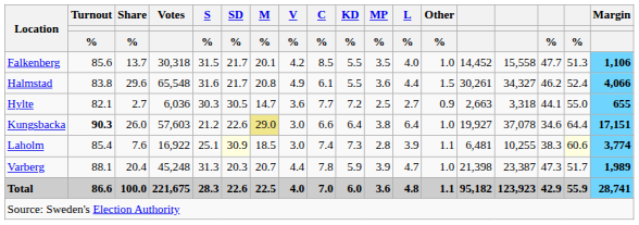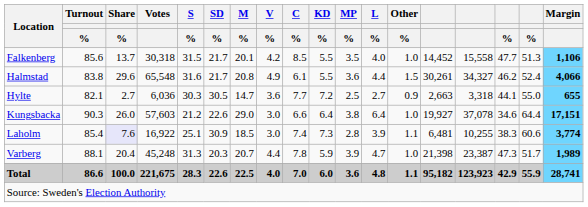 <table class="wikitable sortable" style="text-align:right; font-size:95%; line-height:20px;">
 <tr>
 <th rowspan="3">Location</th>
 <th>Turnout</th>
 <th>Share</th>
 <th>Votes</th>
 <th width="30px" class="unsortable"><a href='#'>S</a></th>
 <th width="30px" class="unsortable"><a href='#'>SD</a></th>
 <th width="30px" class="unsortable"><a href='#'>M</a></th>
 <th width="30px" class="unsortable"><a href='#'>V</a></th>
 <th width="30px" class="unsortable"><a href='#'>C</a></th>
 <th width="30px" class="unsortable"><a href='#'>KD</a></th>
 <th width="30px" class="unsortable"><a href='#'>MP</a></th>
 <th width="30px" class="unsortable"><a href='#'>L</a></th>
 <th width="30px" class="unsortable">Other</th>
 <th></th>
 <th></th>
 <th></th>
 <th></th>
 <th>Margin</th>
 </tr>
 <tr>
 <th></th>
 <th></th>
 <th></th>
 <th style="background:"></th>
 <th style="background:"></th>
 <th style="background:"></th>
 <th style="background:"></th>
 <th style="background:"></th>
 <th style="background:"></th>
 <th style="background:"></th>
 <th style="background:"></th>
 <th style="background:"></th>
 <th style="background:"></th>
 <th style="background:"></th>
 <th style="background:"></th>
 <th style="background:"></th>
 <th></th>
 </tr>
 <tr>
 <th data-sort-type="number">%</th>
 <th data-sort-type="number">%</th>
 <th></th>
 <th data-sort-type="number">%</th>
 <th data-sort-type="number">%</th>
 <th data-sort-type="number">%</th>
 <th data-sort-type="number">%</th>
 <th data-sort-type="number">%</th>
 <th data-sort-type="number">%</th>
 <th data-sort-type="number">%</th>
 <th data-sort-type="number">%</th>
 <th data-sort-type="number">%</th>
 <th data-sort-type="number"></th>
 <th data-sort-type="number"></th>
 <th data-sort-type="number">%</th>
 <th data-sort-type="number">%</th>
 <th data-sort-type="number"></th>
 </tr>
 <tr>
 <td align="left"><a href='#'>Falkenberg</a></td>
 <td>85.6</td>
 <td>13.7</td>
 <td>30,318</td>
 <td>31.5</td>
 <td>21.7</td>
 <td>20.1</td>
 <td>4.2</td>
 <td>8.5</td>
 <td>5.5</td>
 <td>3.5</td>
 <td>4.0</td>
 <td>1.0</td>
 <td>14,452</td>
 <td>15,558</td>
 <td>47.7</td>
 <td>51.3</td>
 <td bgcolor=#6fd5fe><strong>1,106</strong></td>
 </tr>
 <tr>
 <td align="left"><a href='#'>Halmstad</a></td>
 <td>83.8</td>
 <td>29.6</td>
 <td>65,548</td>
 <td>31.6</td>
 <td>21.7</td>
 <td>20.8</td>
 <td>4.9</td>
 <td>6.1</td>
 <td>5.5</td>
 <td>3.6</td>
 <td>4.4</td>
 <td>1.5</td>
 <td>30,261</td>
 <td>34,327</td>
 <td>46.2</td>
 <td>52.4</td>
 <td bgcolor=#6fd5fe><strong>4,066</strong></td>
 </tr>
 <tr>
 <td align="left"><a href='#'>Hylte</a></td>
 <td>82.1</td>
 <td>2.7</td>
 <td>6,036</td>
 <td>30.3</td>
 <td>30.5</td>
 <td>14.7</td>
 <td>3.6</td>
 <td>7.7</td>
 <td>7.2</td>
 <td>2.5</td>
 <td>2.7</td>
 <td>0.9</td>
 <td>2,663</td>
 <td>3,318</td>
 <td>44.1</td>
 <td>55.0</td>
 <td bgcolor=#6fd5fe><strong>655</strong></td>
 </tr>
 <tr>
 <td align="left"><a href='#'>Kungsbacka</a></td>
-<td><strong>90.3</strong></td>
+<td>90.3</td>
 <td>26.0</td>
 <td>57,603</td>
 <td>21.2</td>
 <td>22.6</td>
-<td style="background: khaki;">29.0</td>
+<td>29.0</td>
 <td>3.0</td>
 <td>6.6</td>
 <td>6.4</td>
 <td>3.8</td>
 <td>6.4</td>
 <td>1.0</td>
 <td>19,927</td>
 <td>37,078</td>
 <td>34.6</td>
 <td>64.4</td>
 <td bgcolor=#6fd5fe><strong>17,151</strong></td>
 </tr>
 <tr>
 <td align="left"><a href='#'>Laholm</a></td>
 <td>85.4</td>
-<td>7.6</td>
+<td style="background: lavender;">7.6</td>
 <td>16,922</td>
 <td>25.1</td>
-<td style="background: lightyellow;">30.9</td>
+<td>30.9</td>
 <td>18.5</td>
 <td>3.0</td>
 <td>7.4</td>
 <td>7.3</td>
 <td>2.8</td>
 <td>3.9</td>
 <td>1.1</td>
 <td>6,481</td>
 <td>10,255</td>
 <td>38.3</td>
-<td style="background: lightyellow;">60.6</td>
+<td>60.6</td>
 <td bgcolor=#6fd5fe><strong>3,774</strong></td>
 </tr>
 <tr>
 <td align="left"><a href='#'>Varberg</a></td>
 <td>88.1</td>
 <td>20.4</td>
 <td>45,248</td>
 <td>31.3</td>
 <td>20.3</td>
 <td>20.7</td>
 <td>4.4</td>
 <td>7.8</td>
 <td>5.9</td>
 <td>3.9</td>
 <td>4.7</td>
 <td>1.0</td>
 <td>21,398</td>
 <td>23,387</td>
 <td>47.3</td>
 <td>51.7</td>
 <td bgcolor=#6fd5fe><strong>1,989</strong></td>
 </tr>
 <tr style="background:#CDCDCD;">
 <td align="left"><strong>Total</strong></td>
 <td><strong>86.6</strong></td>
 <td><strong>100.0</strong></td>
 <td><strong>221,675</strong></td>
 <td><strong>28.3</strong></td>
 <td><strong>22.6</strong></td>
 <td><strong>22.5</strong></td>
 <td><strong>4.0</strong></td>
 <td><strong>7.0</strong></td>
 <td><strong>6.0</strong></td>
 <td><strong>3.6</strong></td>
 <td><strong>4.8</strong></td>
 <td><strong>1.1</strong></td>
 <td><strong>95,182</strong></td>
 <td><strong>123,923</strong></td>
 <td><strong>42.9</strong></td>
 <td><strong>55.9</strong></td>
 <td bgcolor=#6fd5fe><strong>28,741</strong></td>
 </tr>
 <tr>
 <td colspan="18" align="left">Source: Sweden's <a href='#'>Election Authority</a></td>
 </tr>
 </table>
